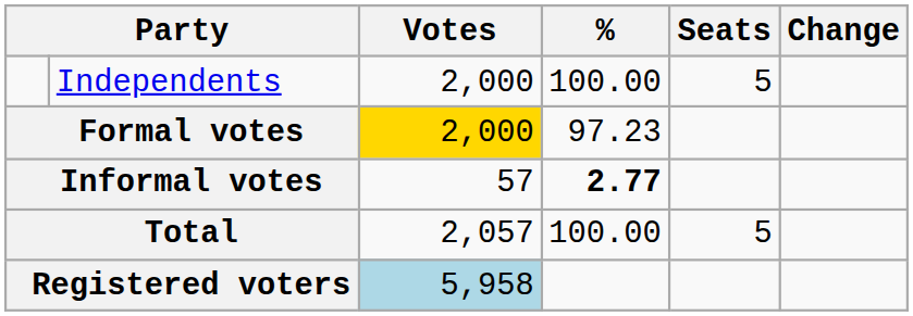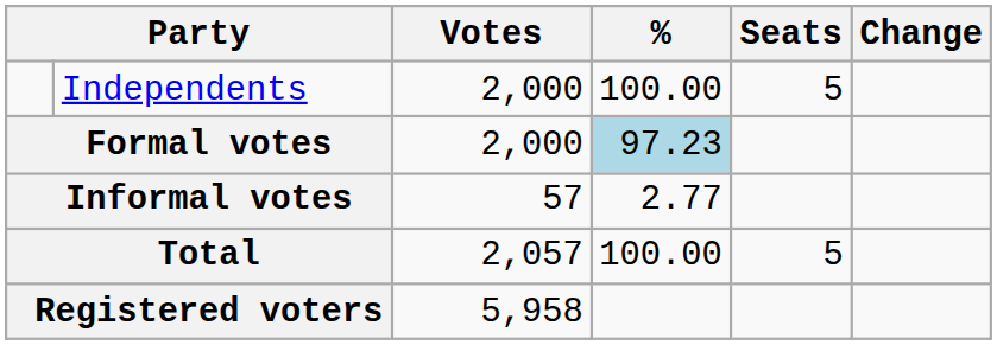 <table class="wikitable" style="text-align:right; margin-bottom:0">
 <tr>
 <th style="width:10px" colspan=3>Party</th>
 <th style="width:70px;">Votes</th>
 <th style="width:40px;">%</th>
 <th style="width:40px;">Seats</th>
 <th style="width:40px;">Change</th>
 </tr>
 <tr>
 <td> </td>
 <td style="text-align:left;" colspan="2"><a href='#'>Independents</a></td>
 <td>2,000</td>
 <td>100.00</td>
 <td>5</td>
 <td></td>
 </tr>
 <tr>
 <th colspan="3" rowspan="1"> Formal votes</th>
-<td style="background: gold;">2,000</td>
-<td>97.23</td>
+<td>2,000</td>
+<td style="background: lightblue;">97.23</td>
 <td></td>
 <td></td>
 </tr>
 <tr>
 <th colspan="3" rowspan="1"> Informal votes</th>
 <td>57</td>
-<td><strong>2.77</strong></td>
+<td>2.77</td>
 <td></td>
 <td></td>
 </tr>
 <tr>
 <th colspan="3" rowspan="1"> Total</th>
 <td>2,057</td>
 <td>100.00</td>
 <td>5</td>
 <td></td>
 </tr>
 <tr>
 <th colspan="3" rowspan="1"> Registered voters</th>
-<td style="background: lightblue;">5,958</td>
+<td>5,958</td>
 <td></td>
 <td></td>
 <td></td>
 </tr>
 </table>
